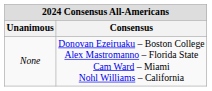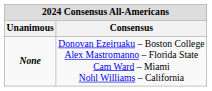 <table class="wikitable" style="white-space:nowrap; font-size:90%; text-align:center;">
 <tr>
 <td colspan="7" style="text-align:center; background:#ddd;"><strong>2024 Consensus All-Americans</strong></td>
 </tr>
 <tr>
 <th>Unanimous</th>
 <th>Consensus</th>
 </tr>
 <tr>
-<td><em>None</em></td>
+<td><strong><em>None</em></strong></td>
 <td><a href='#'>Donovan Ezeiruaku</a> – Boston College<br><a href='#'>Alex Mastromanno</a> – Florida State<br><a href='#'>Cam Ward</a> – Miami<br><a href='#'>Nohl Williams</a> – California</td>
 </tr>
 </table>
